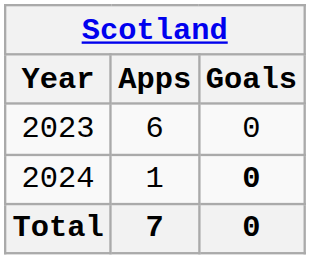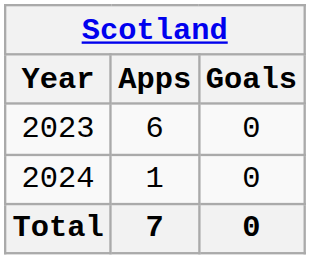 <table class="wikitable" style="text-align:center">
 <tr>
 <th colspan=4><a href='#'>Scotland</a></th>
 </tr>
 <tr>
 <th>Year</th>
 <th>Apps</th>
 <th>Goals</th>
 </tr>
 <tr>
 <td>2023</td>
 <td>6</td>
 <td>0</td>
 </tr>
 <tr>
 <td>2024</td>
 <td>1</td>
-<td><strong>0</strong></td>
+<td>0</td>
 </tr>
 <tr>
 <th>Total</th>
 <th>7</th>
 <th>0</th>
 </tr>
 </table>
